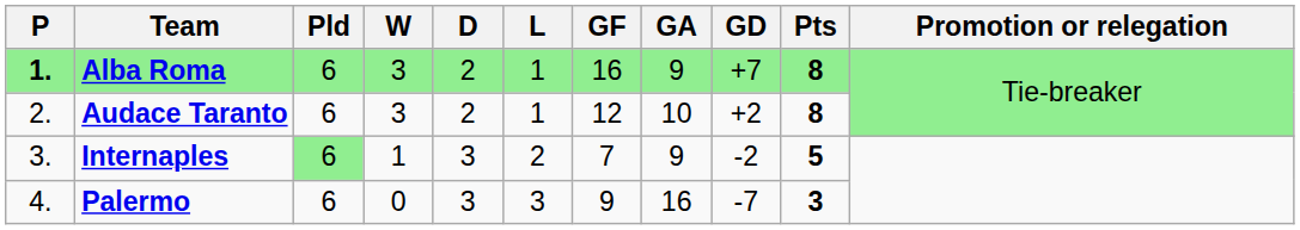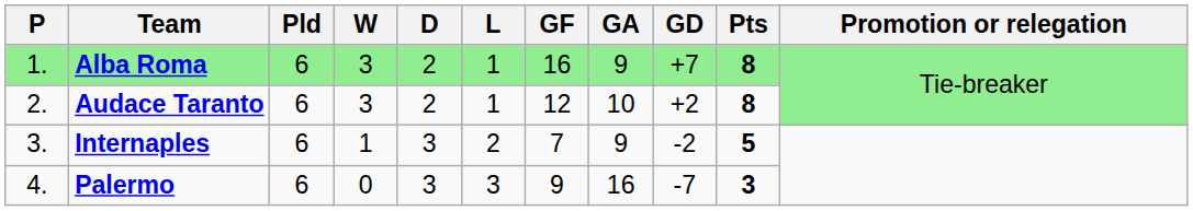 <table class="wikitable sortable" style="text-align: center;">
 <tr>
 <th width=33>P<br></th>
 <th>Team<br></th>
 <th width=33>Pld<br></th>
 <th width=33>W<br></th>
 <th width=33>D<br></th>
 <th width=33>L<br></th>
 <th width=33>GF<br></th>
 <th width=33>GA<br></th>
 <th width=33>GD<br></th>
 <th width=33>Pts<br></th>
 <th class="unsortable" width=250>Promotion or relegation<br></th>
 </tr>
 <tr style="background: #90EE90;">
-<td><strong>1.</strong></td>
+<td>1.</td>
 <td align="left"><strong><a href='#'>Alba Roma</a></strong></td>
 <td>6</td>
 <td>3</td>
 <td>2</td>
 <td>1</td>
 <td>16</td>
 <td>9</td>
 <td>+7</td>
 <td><strong>8</strong></td>
 <td rowspan="2">Tie-breaker</td>
 </tr>
 <tr>
 <td>2.</td>
 <td align="left"><strong><a href='#'>Audace Taranto</a></strong></td>
 <td>6</td>
 <td>3</td>
 <td>2</td>
 <td>1</td>
 <td>12</td>
 <td>10</td>
 <td>+2</td>
 <td><strong>8</strong></td>
 </tr>
 <tr>
 <td>3.</td>
 <td align="left"><strong><a href='#'>Internaples</a></strong></td>
-<td style="background: lightgreen;">6</td>
+<td>6</td>
 <td>1</td>
 <td>3</td>
 <td>2</td>
 <td>7</td>
 <td>9</td>
 <td>-2</td>
 <td><strong>5</strong></td>
 </tr>
 <tr>
 <td>4.</td>
 <td align="left"><strong><a href='#'>Palermo</a></strong></td>
 <td>6</td>
 <td>0</td>
 <td>3</td>
 <td>3</td>
 <td>9</td>
 <td>16</td>
 <td>-7</td>
 <td><strong>3</strong></td>
 </tr>
 </table>
